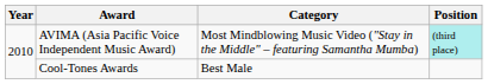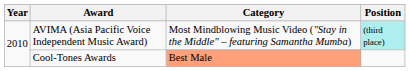 <table class="wikitable">
 <tr style="background:#ccc; text-align:center;">
 <th>Year</th>
 <th>Award</th>
 <th>Category</th>
 <th>Position</th>
 </tr>
 <tr>
 <td rowspan="2">2010</td>
 <td>AVIMA (Asia Pacific Voice Independent Music Award)</td>
 <td>Most Mindblowing Music Video (<em>"Stay in the Middle" – featuring Samantha Mumba</em>)</td>
 <td style="background: paleturquoise;"> <small>(third place)</small></td>
 </tr>
 <tr>
 <td>Cool-Tones Awards</td>
-<td>Best Male</td>
+<td style="background: lightsalmon;">Best Male</td>
 <td></td>
 </tr>
 </table>
